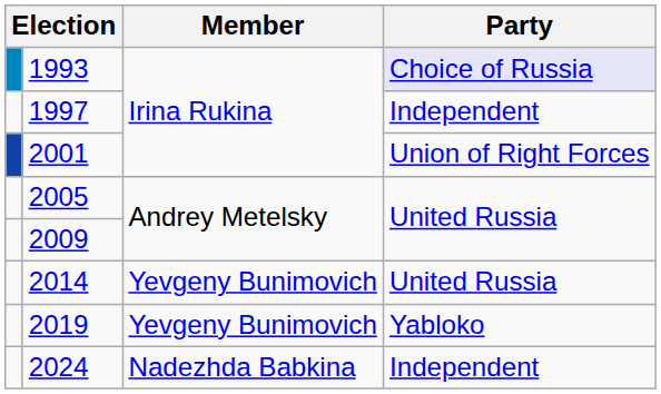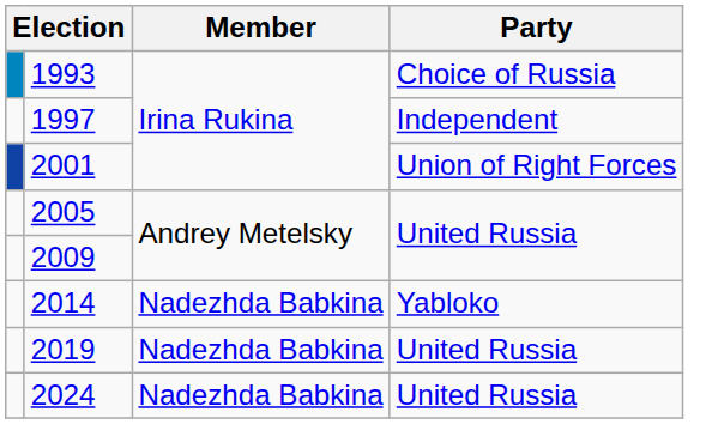 <table class="wikitable">
 <tr>
 <th colspan="2">Election</th>
 <th>Member</th>
 <th>Party</th>
 </tr>
 <tr>
 <td style="background-color:#0085BE"></td>
 <td><a href='#'>1993</a></td>
 <td rowspan=3><a href='#'>Irina Rukina</a></td>
-<td style="background: lavender;"><a href='#'>Choice of Russia</a></td>
+<td><a href='#'>Choice of Russia</a></td>
 </tr>
 <tr>
 <td style="background-color:"></td>
 <td><a href='#'>1997</a></td>
 <td><a href='#'>Independent</a></td>
 </tr>
 <tr>
 <td style="background-color:#1042A5"></td>
 <td><a href='#'>2001</a></td>
 <td><a href='#'>Union of Right Forces</a></td>
 </tr>
 <tr>
 <td style="background-color:"></td>
 <td><a href='#'>2005</a></td>
 <td rowspan=2>Andrey Metelsky</td>
 <td rowspan=2><a href='#'>United Russia</a></td>
 </tr>
 <tr>
 <td style="background-color:"></td>
 <td><a href='#'>2009</a></td>
 </tr>
 <tr>
 <td style="background-color:"></td>
 <td><a href='#'>2014</a></td>
-<td><a href='#'>Yevgeny Bunimovich</a></td>
-<td><a href='#'>United Russia</a></td>
+<td><a href='#'>Nadezhda Babkina</a></td>
+<td><a href='#'>Yabloko</a></td>
 </tr>
 <tr>
 <td style="background-color:"></td>
 <td><a href='#'>2019</a></td>
-<td><a href='#'>Yevgeny Bunimovich</a></td>
-<td><a href='#'>Yabloko</a></td>
+<td><a href='#'>Nadezhda Babkina</a></td>
+<td><a href='#'>United Russia</a></td>
 </tr>
 <tr>
 <td style="background-color:"></td>
 <td><a href='#'>2024</a></td>
 <td><a href='#'>Nadezhda Babkina</a></td>
-<td><a href='#'>Independent</a></td>
+<td><a href='#'>United Russia</a></td>
 </tr>
 </table>
